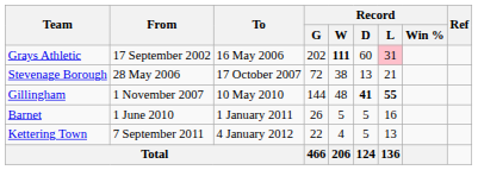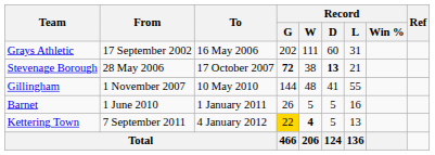 <table class="wikitable" style="text-align: center">
 <tr>
 <th rowspan="2">Team</th>
 <th rowspan="2">From</th>
 <th rowspan="2">To</th>
 <th colspan="5">Record</th>
 <th rowspan="2">Ref</th>
 </tr>
 <tr>
 <th>G</th>
 <th>W</th>
 <th>D</th>
 <th>L</th>
 <th>Win %</th>
 </tr>
 <tr>
 <td align=left><a href='#'>Grays Athletic</a></td>
 <td align=left>17 September 2002</td>
 <td align=left>16 May 2006</td>
 <td>202</td>
-<td><strong>111</strong></td>
+<td>111</td>
 <td>60</td>
-<td style="background: pink;">31</td>
+<td>31</td>
 <td></td>
 <td></td>
 </tr>
 <tr>
 <td align=left><a href='#'>Stevenage Borough</a></td>
 <td align=left>28 May 2006</td>
 <td align=left>17 October 2007</td>
-<td>72</td>
+<td><strong>72</strong></td>
 <td>38</td>
-<td>13</td>
+<td><strong>13</strong></td>
 <td>21</td>
 <td></td>
 <td></td>
 </tr>
 <tr>
 <td align=left><a href='#'>Gillingham</a></td>
 <td align=left>1 November 2007</td>
 <td align=left>10 May 2010</td>
 <td>144</td>
 <td>48</td>
-<td><strong>41</strong></td>
-<td><strong>55</strong></td>
+<td>41</td>
+<td>55</td>
 <td></td>
 <td></td>
 </tr>
 <tr>
 <td align=left><a href='#'>Barnet</a></td>
 <td align=left>1 June 2010</td>
 <td align=left>1 January 2011</td>
 <td>26</td>
 <td>5</td>
 <td>5</td>
 <td>16</td>
 <td></td>
 <td></td>
 </tr>
 <tr>
 <td align=left><a href='#'>Kettering Town</a></td>
 <td align=left>7 September 2011</td>
 <td align=left>4 January 2012</td>
-<td>22</td>
-<td>4</td>
+<td style="background: gold;">22</td>
+<td><strong>4</strong></td>
 <td>5</td>
 <td>13</td>
 <td></td>
 <td></td>
 </tr>
 <tr>
 <th align=center colspan=3>Total</th>
 <th>466</th>
 <th>206</th>
 <th>124</th>
 <th>136</th>
 <th></th>
 </tr>
 </table>
